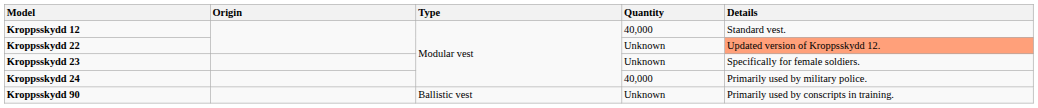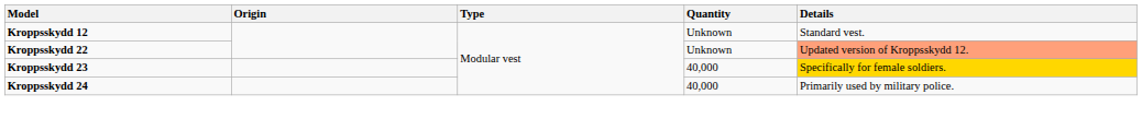 <table class="wikitable" style="width:100%;">
 <tr>
 <th style="text-align:left;width:20%;">Model</th>
 <th style="text-align:left;width:20%;">Origin</th>
 <th style="text-align:left;width:20%;">Type</th>
 <th style="text-align:left;width:10%;">Quantity</th>
 <th style="text-align:left;width:30%;">Details</th>
 </tr>
 <tr>
 <td><strong>Kropps­skydd 12</strong></td>
 <td rowspan="2"></td>
 <td rowspan="4">Modular vest</td>
-<td>40,000</td>
+<td>Unknown</td>
 <td>Standard vest.</td>
 </tr>
 <tr>
 <td><strong>Kropps­skydd 22</strong></td>
 <td>Unknown</td>
 <td style="background: lightsalmon;">Updated version of Kroppsskydd 12.</td>
 </tr>
 <tr>
 <td><strong>Kropps­skydd 23</strong></td>
 <td></td>
-<td>Unknown</td>
-<td>Specifically for female soldiers.</td>
+<td>40,000</td>
+<td style="background: gold;">Specifically for female soldiers.</td>
 </tr>
 <tr>
 <td><strong>Kropps­skydd 24</strong></td>
 <td></td>
 <td>40,000</td>
 <td>Primarily used by military police.</td>
 </tr>
-<tr>
-<td><strong>Kropps­skydd 90</strong></td>
-<td></td>
-<td>Ballistic vest</td>
-<td>Unknown</td>
-<td>Primarily used by conscripts in training.</td>
-</tr>
 </table>
